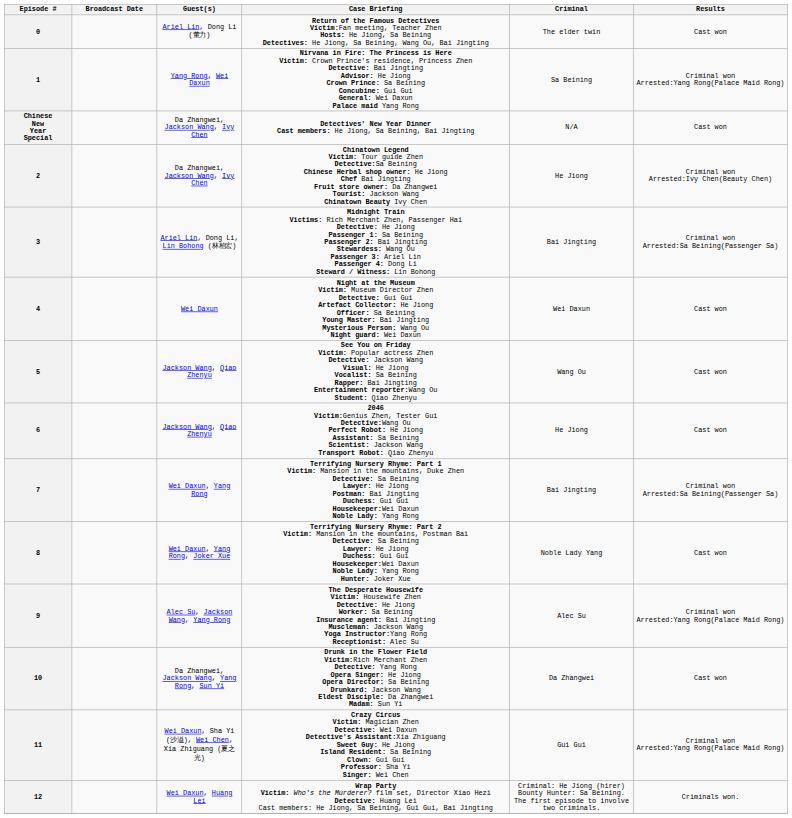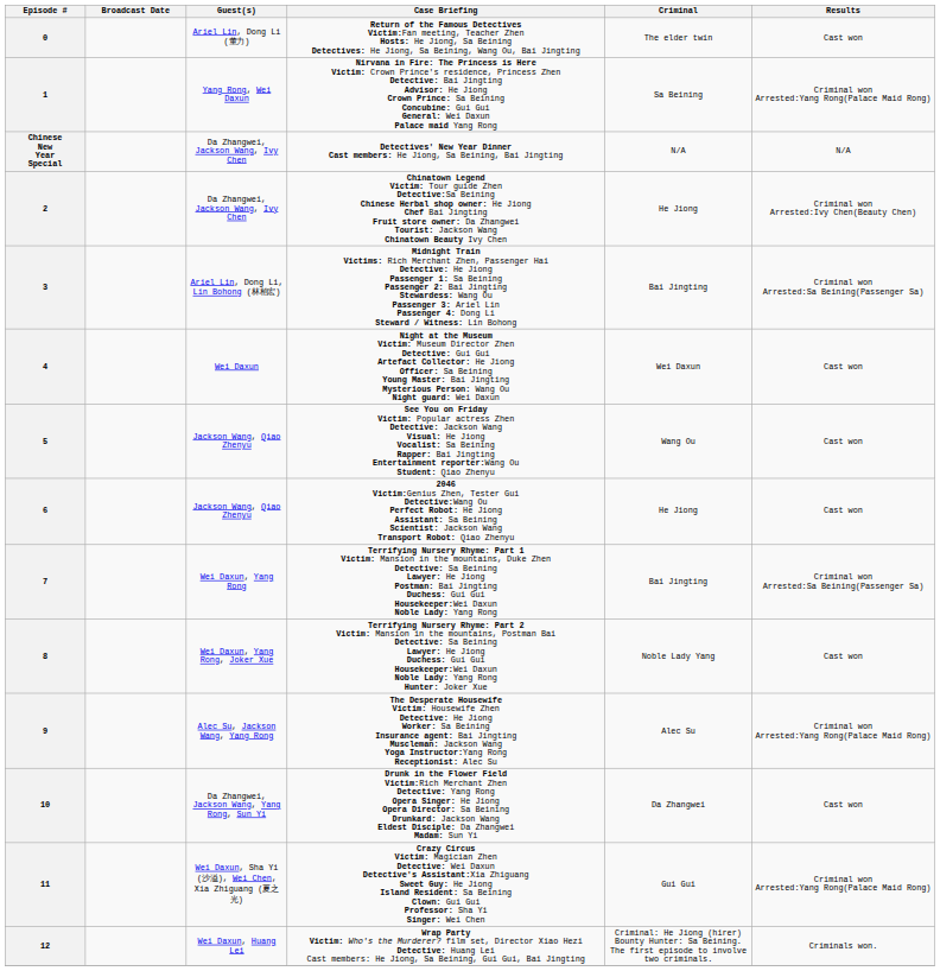 <table class="wikitable collapsible" style="text-align:center; font-size:85%;width:100%">
 <tr>
 <th style="width:40px;">Episode #</th>
 <th style="width:60px;">Broadcast Date</th>
 <th style="width:60px;">Guest(s)</th>
 <th style="width:200px;">Case Briefing</th>
 <th style="width:90px;">Criminal</th>
 <th style="width:90px;">Results</th>
 </tr>
 <tr>
 <th>0</th>
 <td></td>
 <td><a href='#'>Ariel Lin</a>, Dong Li (董力)</td>
 <td><span><strong>Return of the Famous Detectives</strong></span><br><strong>Victim:</strong>Fan meeting, Teacher Zhen<br><strong>Hosts:</strong> He Jiong, Sa Beining<br><strong>Detectives:</strong> He Jiong, Sa Beining, Wang Ou, Bai Jingting</td>
 <td>The elder twin</td>
 <td>Cast won</td>
 </tr>
 <tr>
 <th>1</th>
 <td></td>
 <td><a href='#'>Yang Rong</a>, <a href='#'>Wei Daxun</a></td>
 <td><span><strong>Nirvana in Fire: The Princess is Here</strong></span><br><strong>Victim:</strong> Crown Prince's residence, Princess Zhen<br><strong>Detective:</strong> Bai Jingting<br><strong>Advisor:</strong> He Jiong<br><strong>Crown Prince:</strong> Sa Beining<br><strong>Concubine:</strong> Gui Gui<br><strong>General:</strong> Wei Daxun<br><strong>Palace maid</strong> Yang Rong</td>
 <td>Sa Beining</td>
 <td>Criminal won<br>Arrested:Yang Rong(Palace Maid Rong)</td>
 </tr>
 <tr>
 <th>Chinese<br>New<br> Year<br> Special</th>
 <td></td>
 <td>Da Zhangwei, <a href='#'>Jackson Wang</a>, <a href='#'>Ivy Chen</a></td>
 <td><span><strong>Detectives' New Year Dinner</strong></span><br><strong>Cast members: </strong>He Jiong, Sa Beining, Bai Jingting</td>
 <td>N/A</td>
-<td>Cast won</td>
+<td>N/A</td>
 </tr>
 <tr>
 <th>2</th>
 <td></td>
 <td>Da Zhangwei, <a href='#'>Jackson Wang</a>, <a href='#'>Ivy Chen</a></td>
 <td><span><strong>Chinatown Legend</strong></span><br><strong>Victim:</strong> Tour guide Zhen<br><strong>Detective:</strong>Sa Beining<br><strong>Chinese Herbal shop owner:</strong> He Jiong<br><strong>Chef</strong> Bai Jingting<br><strong>Fruit store owner:</strong> Da Zhangwei<br><strong>Tourist:</strong> Jackson Wang<br><strong>Chinatown Beauty</strong> Ivy Chen</td>
 <td>He Jiong</td>
 <td>Criminal won<br>Arrested:Ivy Chen(Beauty Chen)</td>
 </tr>
 <tr>
 <th>3</th>
 <td></td>
 <td><a href='#'>Ariel Lin</a>, Dong Li, <a href='#'>Lin Bohong</a> (林柏宏)</td>
 <td><span><strong>Midnight Train</strong></span><br><strong>Victims:</strong> Rich Merchant Zhen, Passenger Hai<br><strong>Detective:</strong> He Jiong<br><strong>Passenger 1:</strong> Sa Beining<br><strong>Passenger 2:</strong> Bai Jingting<br><strong>Stewardess:</strong> Wang Ou<br><strong>Passenger 3:</strong> Ariel Lin<br><strong>Passenger 4:</strong> Dong Li<br><strong>Steward / Witness:</strong> Lin Bohong</td>
 <td>Bai Jingting</td>
 <td>Criminal won<br>Arrested:Sa Beining(Passenger Sa)</td>
 </tr>
 <tr>
 <th>4</th>
 <td></td>
 <td><a href='#'>Wei Daxun</a></td>
 <td><span><strong>Night at the Museum</strong></span><br><strong>Victim:</strong> Museum Director Zhen<br><strong>Detective:</strong> Gui Gui<br><strong>Artefact Collector:</strong> He Jiong<br><strong>Officer:</strong> Sa Beining<br><strong>Young Master:</strong> Bai Jingting<br><strong>Mysterious Person:</strong> Wang Ou<br><strong>Night guard:</strong> Wei Daxun</td>
 <td>Wei Daxun</td>
 <td>Cast won</td>
 </tr>
 <tr>
 <th>5</th>
 <td></td>
 <td><a href='#'>Jackson Wang</a>, <a href='#'>Qiao Zhenyu</a></td>
 <td><span><strong>See You on Friday</strong></span><br><strong>Victim:</strong> Popular actress Zhen<br><strong>Detective:</strong> Jackson Wang<br><strong>Visual:</strong> He Jiong<br><strong>Vocalist:</strong> Sa Beining<br><strong>Rapper:</strong> Bai Jingting<br><strong>Entertainment reporter:</strong>Wang Ou<br><strong>Student:</strong> Qiao Zhenyu</td>
 <td>Wang Ou</td>
 <td>Cast won</td>
 </tr>
 <tr>
 <th>6</th>
 <td></td>
 <td><a href='#'>Jackson Wang</a>, <a href='#'>Qiao Zhenyu</a></td>
 <td><span><strong>2046</strong></span><br><strong>Victim:</strong>Genius Zhen, Tester Gui<br><strong>Detective:</strong>Wang Ou<br><strong>Perfect Robot:</strong> He Jiong<br><strong>Assistant:</strong> Sa Beining<br><strong>Scientist:</strong> Jackson Wang<br><strong>Transport Robot:</strong> Qiao Zhenyu</td>
 <td>He Jiong</td>
 <td>Cast won</td>
 </tr>
 <tr>
 <th>7</th>
 <td></td>
 <td><a href='#'>Wei Daxun</a>, <a href='#'>Yang Rong</a></td>
 <td><span><strong>Terrifying Nursery Rhyme: Part 1</strong></span><br><strong>Victim:</strong> Mansion in the mountains, Duke Zhen<br><strong>Detective:</strong> Sa Beining<br><strong>Lawyer:</strong> He Jiong<br><strong>Postman:</strong> Bai Jingting<br><strong>Duchess:</strong> Gui Gui<br><strong>Housekeeper:</strong>Wei Daxun<br><strong>Noble Lady:</strong> Yang Rong</td>
 <td>Bai Jingting</td>
 <td>Criminal won<br>Arrested:Sa Beining(Passenger Sa)</td>
 </tr>
 <tr>
 <th>8</th>
 <td></td>
 <td><a href='#'>Wei Daxun</a>, <a href='#'>Yang Rong</a>, <a href='#'>Joker Xue</a></td>
 <td><span><strong>Terrifying Nursery Rhyme: Part 2</strong></span><br><strong>Victim:</strong> Mansion in the mountains, Postman Bai<br><strong>Detective:</strong> Sa Beining<br><strong>Lawyer:</strong> He Jiong<br><strong>Duchess:</strong> Gui Gui<br><strong>Housekeeper:</strong>Wei Daxun<br><strong>Noble Lady:</strong> Yang Rong<br><strong>Hunter:</strong> Joker Xue</td>
 <td>Noble Lady Yang</td>
 <td>Cast won</td>
 </tr>
 <tr>
 <th>9</th>
 <td></td>
 <td><a href='#'>Alec Su</a>, <a href='#'>Jackson Wang</a>, <a href='#'>Yang Rong</a></td>
 <td><span><strong>The Desperate Housewife</strong></span><br><strong>Victim:</strong> Housewife Zhen<br><strong>Detective:</strong> He Jiong<br><strong>Worker:</strong> Sa Beining<br><strong>Insurance agent:</strong> Bai Jingting<br><strong>Muscleman:</strong> Jackson Wang<br><strong>Yoga Instructor:</strong>Yang Rong<br><strong>Receptionist:</strong> Alec Su</td>
 <td>Alec Su</td>
 <td>Criminal won<br>Arrested:Yang Rong(Palace Maid Rong)</td>
 </tr>
 <tr>
 <th>10</th>
 <td></td>
 <td>Da Zhangwei, <a href='#'>Jackson Wang</a>, <a href='#'>Yang Rong</a>, <a href='#'>Sun Yi</a></td>
 <td><span><strong>Drunk in the Flower Field</strong></span><br><strong>Victim:</strong>Rich Merchant Zhen<br><strong>Detective:</strong> Yang Rong<br><strong>Opera Singer:</strong> He Jiong<br><strong>Opera Director:</strong> Sa Beining<br><strong>Drunkard:</strong> Jackson Wang<br><strong>Eldest Disciple:</strong> Da Zhangwei<br><strong>Madam:</strong> Sun Yi</td>
 <td>Da Zhangwei</td>
 <td>Cast won</td>
 </tr>
 <tr>
 <th>11</th>
 <td></td>
 <td><a href='#'>Wei Daxun</a>, Sha Yi (沙溢), <a href='#'>Wei Chen</a>, Xia Zhiguang (夏之光)</td>
 <td><span><strong>Crazy Circus</strong></span><br><strong>Victim:</strong> Magician Zhen<br><strong>Detective:</strong> Wei Daxun<br><strong>Detective's Assistant:</strong>Xia Zhiguang<br><strong>Sweet Guy:</strong> He Jiong<br><strong>Island Resident:</strong> Sa Beining<br><strong>Clown:</strong> Gui Gui<br><strong>Professor:</strong> Sha Yi<br><strong>Singer:</strong> Wei Chen</td>
 <td>Gui Gui</td>
 <td>Criminal won<br>Arrested:Yang Rong(Palace Maid Rong)</td>
 </tr>
 <tr>
 <th>12</th>
 <td></td>
 <td><a href='#'>Wei Daxun</a>, <a href='#'>Huang Lei</a></td>
 <td><span><strong>Wrap Party</strong></span><br><strong>Victim:</strong> <em>Who's the Murderer?</em> film set, Director Xiao Hezi<br><strong>Detective:</strong> Huang Lei<br>Cast members: He Jiong, Sa Beining, Gui Gui, Bai Jingting</td>
 <td>Criminal: He Jiong (hirer)<br>Bounty Hunter: Sa Beining.<br>The first episode to involve two criminals.</td>
 <td>Criminals won.</td>
 </tr>
 <tr>
 </tr>
 </table>
